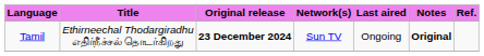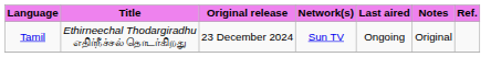 <table class="wikitable" style="text-align:center;">
 <tr style="color:black">
 <th style="background:Violet;color:Black">Language</th>
 <th style="background:Violet;color:Black">Title</th>
 <th style="background:Violet;color:Black">Original release</th>
 <th style="background:Violet;color:Black">Network(s)</th>
 <th style="background:Violet;color:Black">Last aired</th>
 <th style="background:Violet;color:Black">Notes</th>
 <th style="background:Violet;color:Black">Ref.</th>
 </tr>
 <tr>
 <td><a href='#'>Tamil</a></td>
 <td><em>Ethirneechal Thodargiradhu</em> <br> எதிர்நீச்சல் தொடர்கிறது</td>
-<td><strong>23 December 2024</strong></td>
+<td>23 December 2024</td>
 <td><a href='#'>Sun TV</a></td>
 <td>Ongoing</td>
-<td><strong>Original</strong></td>
+<td>Original</td>
 <td></td>
 </tr>
 <tr>
 </tr>
 </table>
